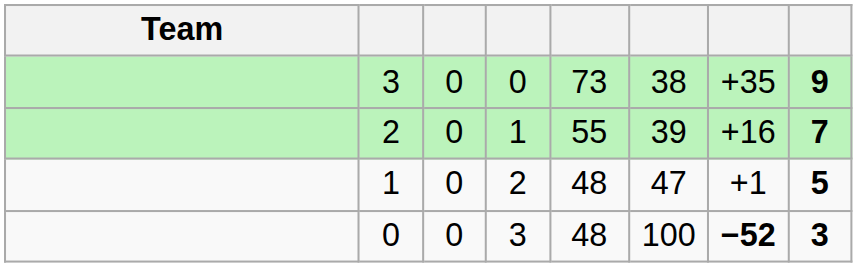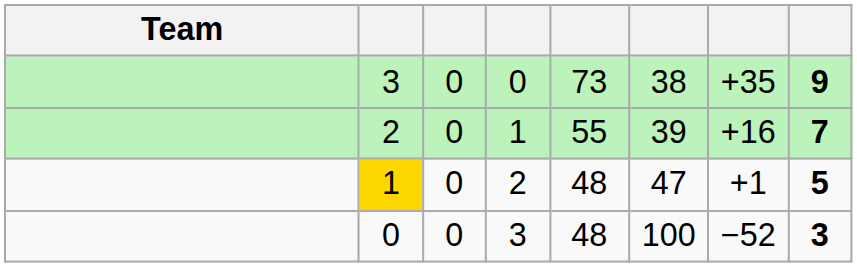 <table class="wikitable" style="text-align:center;">
 <tr>
 <th style="width:10.5em;">Team</th>
 <th style="width:1.5em;"></th>
 <th style="width:1.5em;"></th>
 <th style="width:1.5em;"></th>
 <th style="width:2.0em;"></th>
 <th style="width:2.0em;"></th>
 <th style="width:2.0em;"></th>
 <th style="width:1.5em;"></th>
 </tr>
 <tr bgcolor=#BBF3BB>
 <td align="left"></td>
 <td>3</td>
 <td>0</td>
 <td>0</td>
 <td>73</td>
 <td>38</td>
 <td>+35</td>
 <td><strong>9</strong></td>
 </tr>
 <tr bgcolor=#BBF3BB>
 <td align="left"></td>
 <td>2</td>
 <td>0</td>
 <td>1</td>
 <td>55</td>
 <td>39</td>
 <td>+16</td>
 <td><strong>7</strong></td>
 </tr>
 <tr>
 <td align="left"></td>
-<td>1</td>
+<td style="background: gold;">1</td>
 <td>0</td>
 <td>2</td>
 <td>48</td>
 <td>47</td>
 <td>+1</td>
 <td><strong>5</strong></td>
 </tr>
 <tr>
 <td align="left"></td>
 <td>0</td>
 <td>0</td>
 <td>3</td>
 <td>48</td>
 <td>100</td>
-<td><strong>−52</strong></td>
+<td>−52</td>
 <td><strong>3</strong></td>
 </tr>
 </table>
